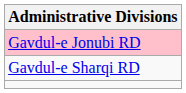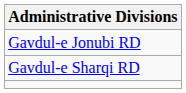 <table class="wikitable">
 <tr>
 <th>Administrative Divisions</th>
 </tr>
 <tr>
-<td style="background: pink;"><a href='#'>Gavdul-e Jonubi RD</a></td>
+<td><a href='#'>Gavdul-e Jonubi RD</a></td>
 </tr>
 <tr>
 <td><a href='#'>Gavdul-e Sharqi RD</a></td>
 </tr>
 <tr>
 <td colspan=1></td>
 </tr>
 </table>
